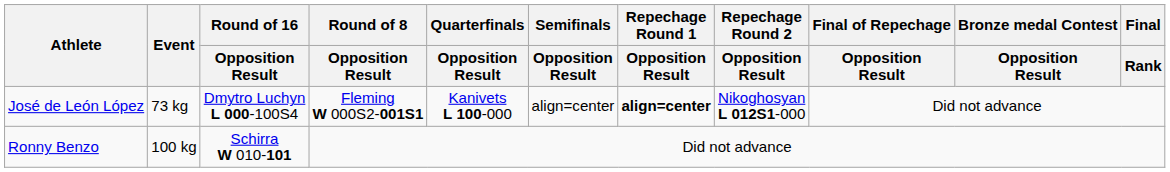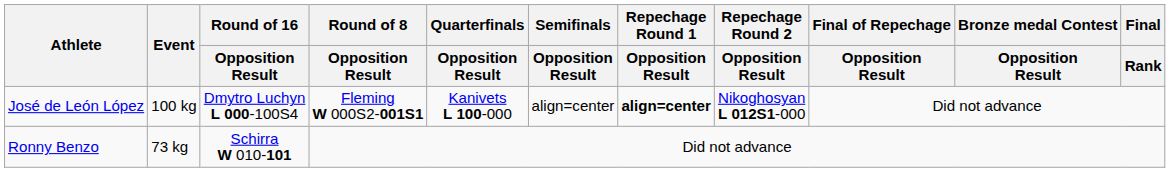 <table class="wikitable" style="font-size:90%">
 <tr>
 <th rowspan="2">Athlete</th>
 <th rowspan="2">Event</th>
 <th colspan="1">Round of 16</th>
 <th colspan="1">Round of 8</th>
 <th colspan="1">Quarterfinals</th>
 <th colspan="1">Semifinals</th>
 <th colspan="1">Repechage<br>Round 1</th>
 <th colspan="1">Repechage<br>Round 2</th>
 <th colspan="1">Final of Repechage</th>
 <th colspan="1">Bronze medal Contest</th>
 <th colspan="2">Final</th>
 </tr>
 <tr>
 <th>Opposition<br>Result</th>
 <th>Opposition<br>Result</th>
 <th>Opposition<br>Result</th>
 <th>Opposition<br>Result</th>
 <th>Opposition<br>Result</th>
 <th>Opposition<br>Result</th>
 <th>Opposition<br>Result</th>
 <th>Opposition<br>Result</th>
 <th>Rank</th>
 </tr>
 <tr>
 <td><a href='#'>José de León López</a></td>
-<td>73 kg</td>
+<td>100 kg</td>
 <td align=center> <a href='#'>Dmytro Luchyn</a> <br><strong>L</strong> <strong>000</strong>-100S4</td>
 <td align=center> <a href='#'>Fleming</a> <br><strong>W</strong> 000S2-<strong>001S1</strong></td>
 <td align=center> <a href='#'>Kanivets</a> <br><strong>L</strong> <strong>100</strong>-000</td>
 <td>align=center </td>
 <td><strong>align=center </strong></td>
 <td align=center> <a href='#'>Nikoghosyan</a> <br><strong>L</strong> <strong>012S1</strong>-000</td>
 <td align=center colspan="4">Did not advance</td>
 </tr>
 <tr>
 <td><a href='#'>Ronny Benzo</a></td>
-<td>100 kg</td>
+<td>73 kg</td>
 <td align=center> <a href='#'>Schirra</a> <br><strong>W</strong> 010-<strong>101</strong></td>
 <td align=center colspan="9">Did not advance</td>
 </tr>
 </table>
